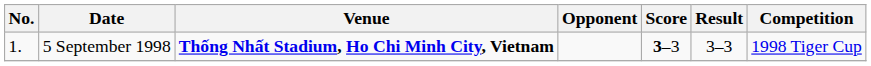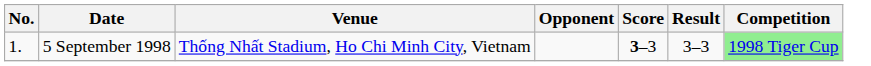 <table class="wikitable">
 <tr>
 <th>No.</th>
 <th>Date</th>
 <th>Venue</th>
 <th>Opponent</th>
 <th>Score</th>
 <th>Result</th>
 <th>Competition</th>
 </tr>
 <tr>
 <td>1.</td>
 <td>5 September 1998</td>
-<td><strong><a href='#'>Thống Nhất Stadium</a>, <a href='#'>Ho Chi Minh City</a>, Vietnam</strong></td>
+<td><a href='#'>Thống Nhất Stadium</a>, <a href='#'>Ho Chi Minh City</a>, Vietnam</td>
 <td></td>
 <td align=center><strong>3</strong>–3</td>
 <td align=center>3–3</td>
-<td><a href='#'>1998 Tiger Cup</a></td>
+<td style="background: lightgreen;"><a href='#'>1998 Tiger Cup</a></td>
 </tr>
 <tr>
 </tr>
 </table>
